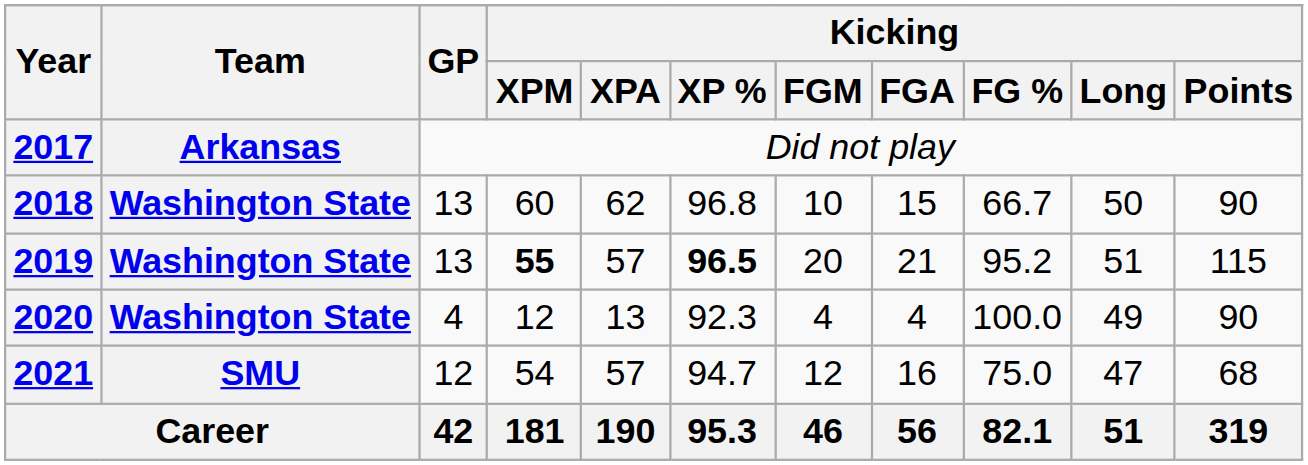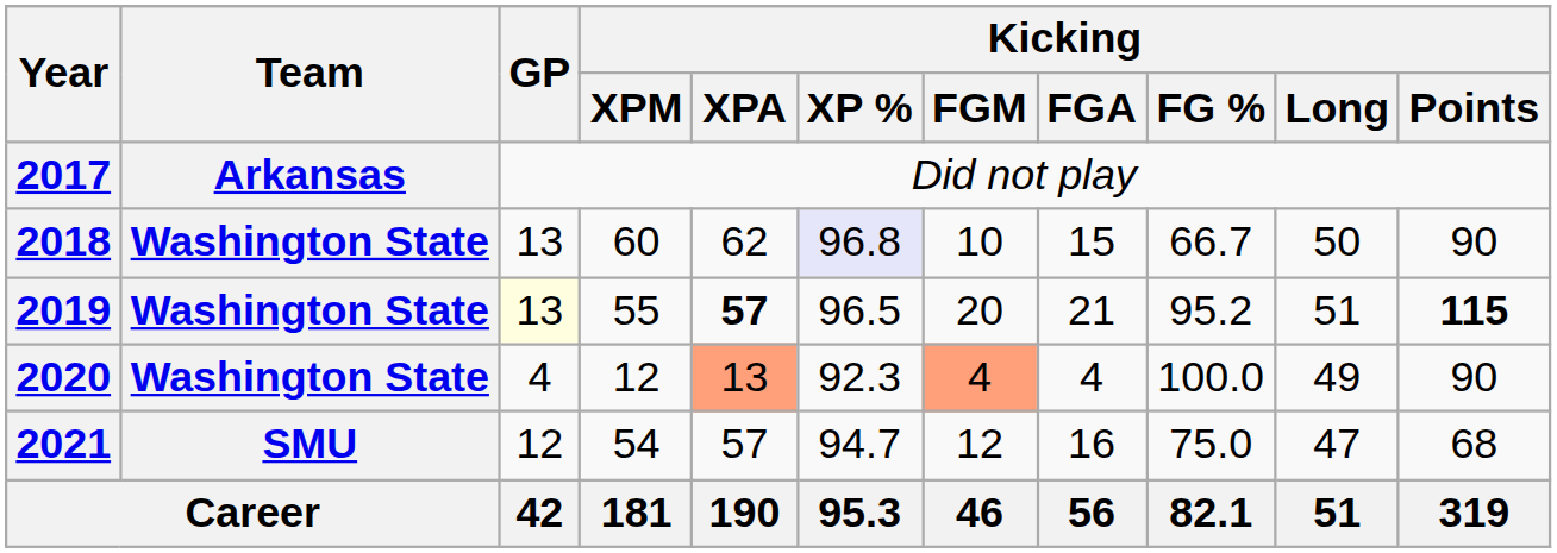 <table class="wikitable" style="text-align:center;">
 <tr align="center">
 </tr>
 <tr>
 <th rowspan="2">Year</th>
 <th rowspan="2">Team</th>
 <th rowspan="2">GP</th>
 <th colspan="8">Kicking</th>
 </tr>
 <tr>
 <th>XPM</th>
 <th>XPA</th>
 <th>XP %</th>
 <th>FGM</th>
 <th>FGA</th>
 <th>FG %</th>
 <th>Long</th>
 <th>Points</th>
 </tr>
 <tr>
 <th><a href='#'>2017</a></th>
 <th><a href='#'>Arkansas</a></th>
 <td colspan="9"><em>Did not play</em></td>
 </tr>
 <tr>
 <th><a href='#'>2018</a></th>
 <th><a href='#'>Washington State</a></th>
 <td>13</td>
 <td>60</td>
 <td>62</td>
-<td>96.8</td>
+<td style="background: lavender;">96.8</td>
 <td>10</td>
 <td>15</td>
 <td>66.7</td>
 <td>50</td>
 <td>90</td>
 </tr>
 <tr>
 <th><a href='#'>2019</a></th>
 <th><a href='#'>Washington State</a></th>
-<td>13</td>
-<td><strong>55</strong></td>
-<td>57</td>
-<td><strong>96.5</strong></td>
+<td style="background: lightyellow;">13</td>
+<td>55</td>
+<td><strong>57</strong></td>
+<td>96.5</td>
 <td>20</td>
 <td>21</td>
 <td>95.2</td>
 <td>51</td>
-<td>115</td>
+<td><strong>115</strong></td>
 </tr>
 <tr>
 <th><a href='#'>2020</a></th>
 <th><a href='#'>Washington State</a></th>
 <td>4</td>
 <td>12</td>
-<td>13</td>
+<td style="background: lightsalmon;">13</td>
 <td>92.3</td>
-<td>4</td>
+<td style="background: lightsalmon;">4</td>
 <td>4</td>
 <td>100.0</td>
 <td>49</td>
 <td>90</td>
 </tr>
 <tr>
 <th><a href='#'>2021</a></th>
 <th><a href='#'>SMU</a></th>
 <td>12</td>
 <td>54</td>
 <td>57</td>
 <td>94.7</td>
 <td>12</td>
 <td>16</td>
 <td>75.0</td>
 <td>47</td>
 <td>68</td>
 </tr>
 <tr>
 <th colspan="2">Career</th>
 <th>42</th>
 <th>181</th>
 <th>190</th>
 <th>95.3</th>
 <th>46</th>
 <th>56</th>
 <th>82.1</th>
 <th>51</th>
 <th>319</th>
 </tr>
 </table>
